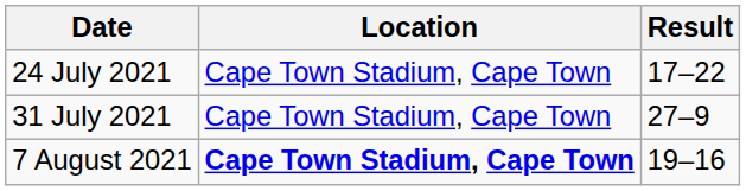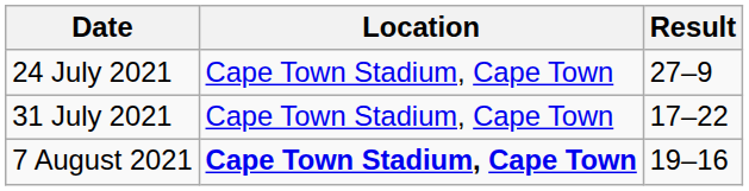 <table class="wikitable" style="align:center;">
 <tr>
 <th>Date</th>
 <th>Location</th>
 <th>Result</th>
 </tr>
 <tr>
 <td>24 July 2021</td>
 <td><a href='#'>Cape Town Stadium</a>, <a href='#'>Cape Town</a></td>
-<td> 17–22 </td>
+<td> 27–9 </td>
 </tr>
 <tr>
 <td>31 July 2021</td>
 <td><a href='#'>Cape Town Stadium</a>, <a href='#'>Cape Town</a></td>
-<td> 27–9 </td>
+<td> 17–22 </td>
 </tr>
 <tr>
 <td>7 August 2021</td>
 <td><strong><a href='#'>Cape Town Stadium</a>, <a href='#'>Cape Town</a></strong></td>
 <td> 19–16 </td>
 </tr>
 </table>
